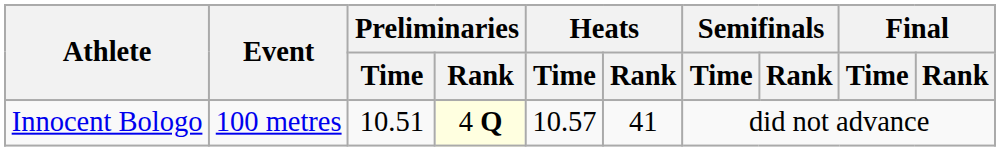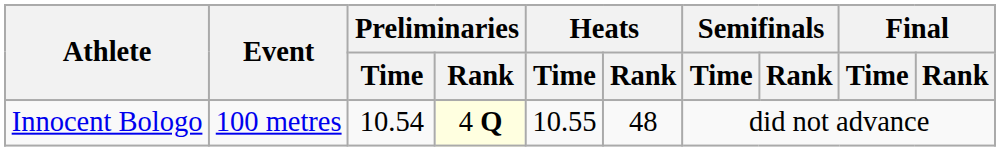 <table class=wikitable style="font-size:90%;">
 <tr>
 <th rowspan=2>Athlete</th>
 <th rowspan=2>Event</th>
 <th colspan=2>Preliminaries</th>
 <th colspan=2>Heats</th>
 <th colspan=2>Semifinals</th>
 <th colspan=2>Final</th>
 </tr>
 <tr>
 <th>Time</th>
 <th>Rank</th>
 <th>Time</th>
 <th>Rank</th>
 <th>Time</th>
 <th>Rank</th>
 <th>Time</th>
 <th>Rank</th>
 </tr>
 <tr>
 <td><a href='#'>Innocent Bologo</a></td>
 <td><a href='#'>100 metres</a></td>
-<td align="center">10.51</td>
+<td align="center">10.54</td>
 <td align="center" style="background: lightyellow;">4 <strong>Q</strong></td>
-<td align="center">10.57</td>
-<td align="center">41</td>
+<td align="center">10.55</td>
+<td align="center">48</td>
 <td align="center" colspan=4>did not advance</td>
 </tr>
 </table>
